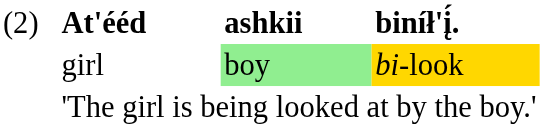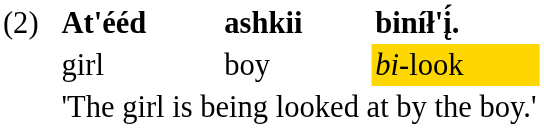 <table cellspacing="0" cellpadding="2" style="margin-left:2em">
 <tr>
 <td>(2)  </td>
 <td><strong>At'ééd</strong></td>
 <td><strong>ashkii</strong></td>
 <td><strong>biníł'į́.</strong></td>
 </tr>
 <tr>
 <td></td>
 <td>girl</td>
-<td style="background: lightgreen;">boy</td>
+<td>boy</td>
 <td style="background: gold;"><em>bi</em>-look</td>
 </tr>
 <tr>
 <td></td>
 <td COLSPAN=3>'The girl is being looked at by the boy.'</td>
 </tr>
 </table>
